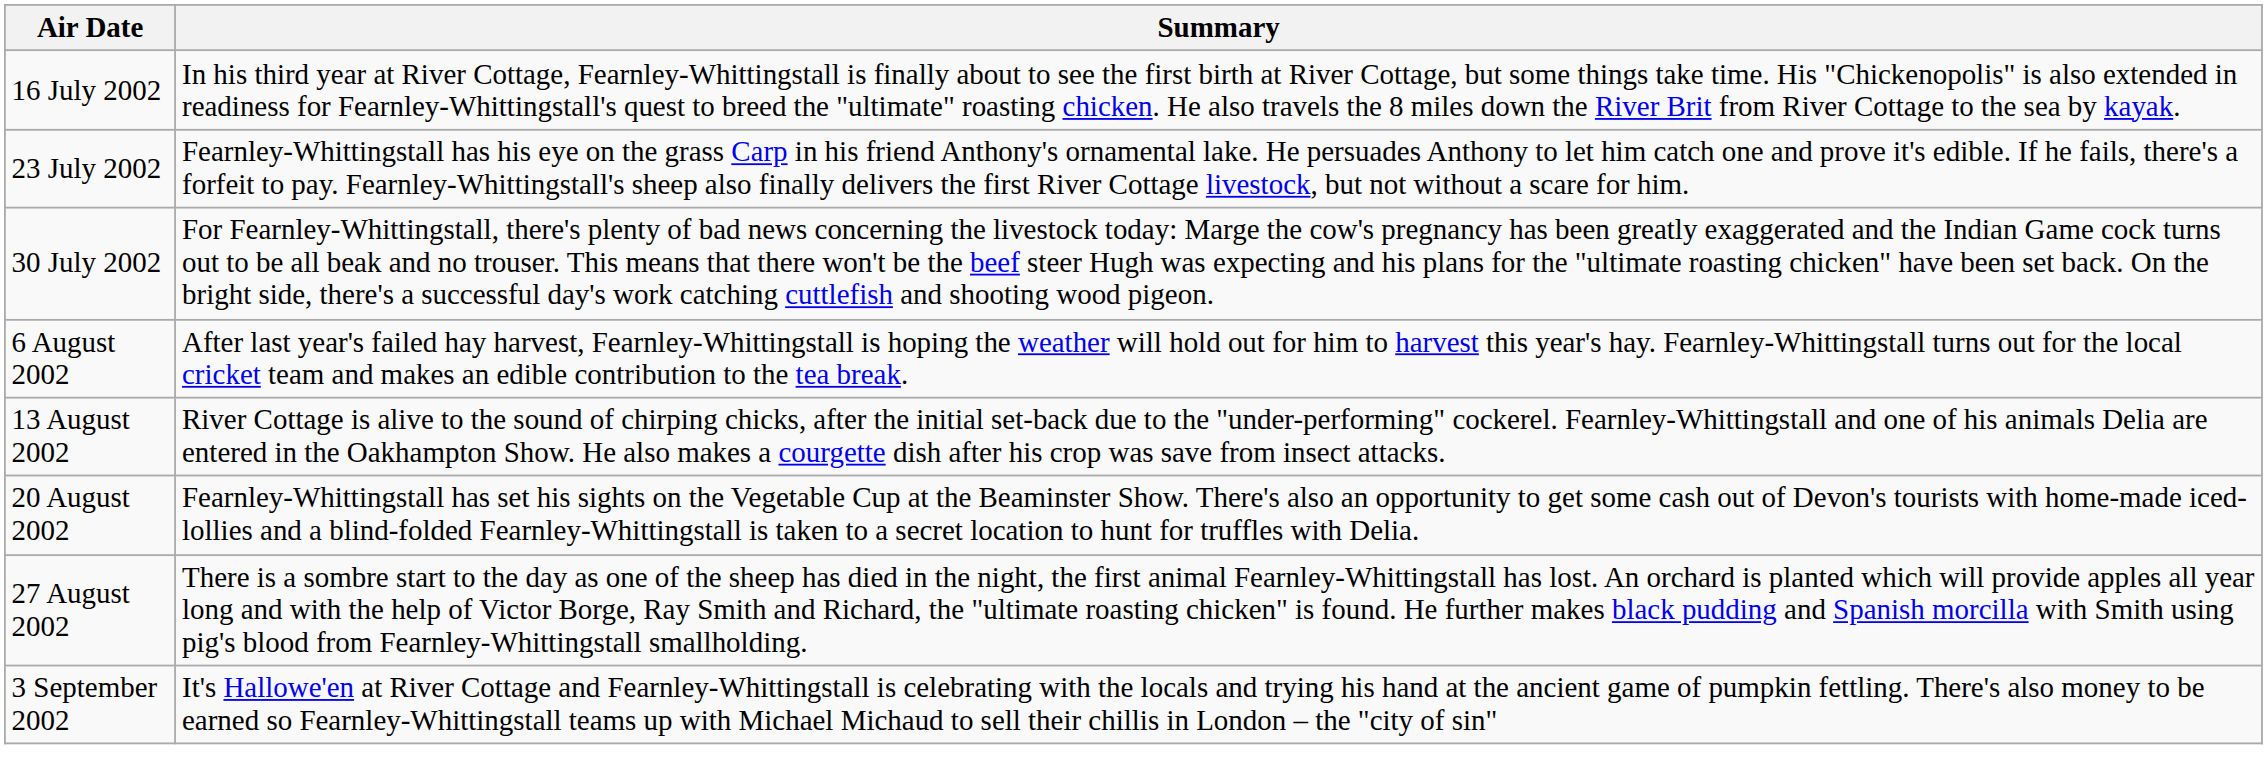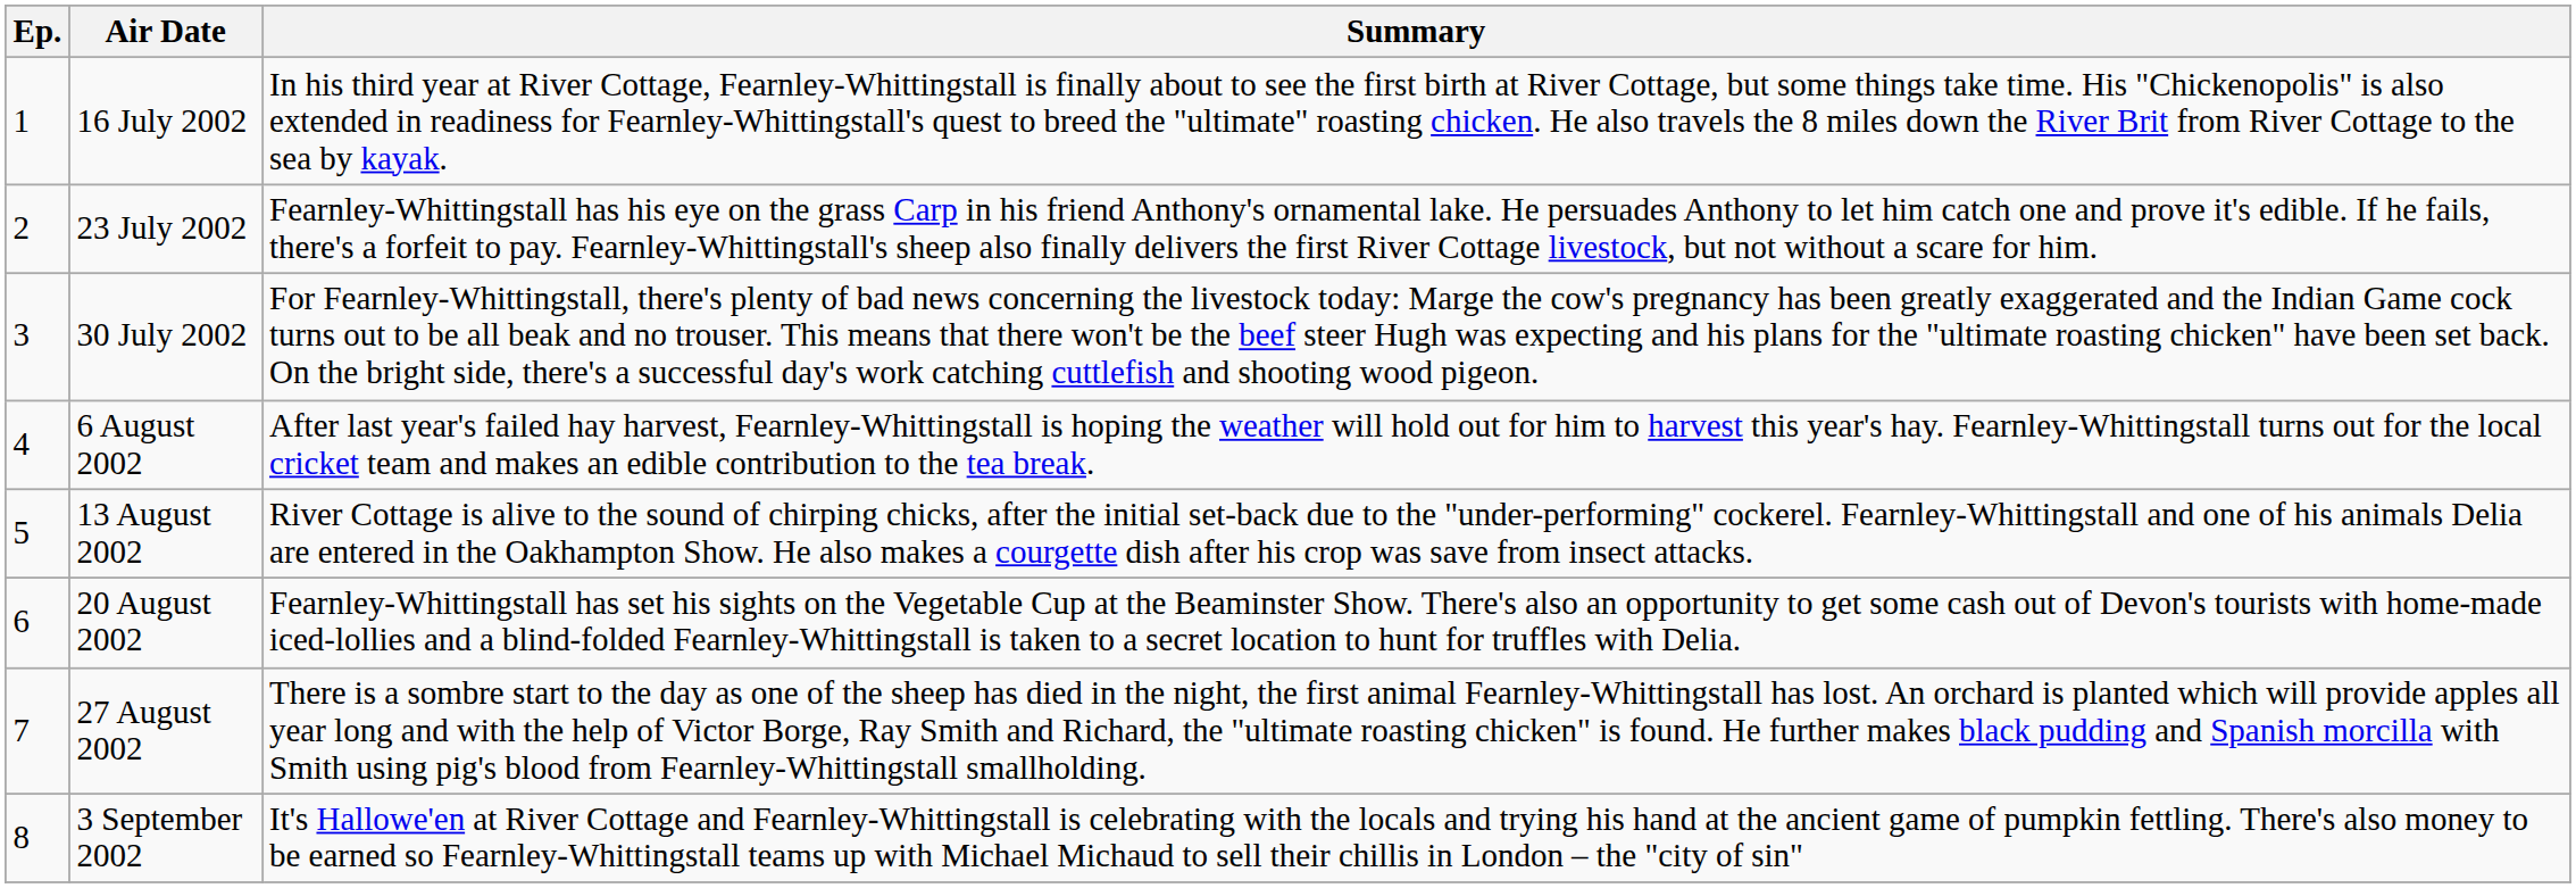 <table class="wikitable">
 <tr>
+<th>Ep.</th>
 <th>Air Date</th>
 <th>Summary</th>
 </tr>
 <tr>
+<td>1</td>
 <td>16 July 2002</td>
 <td>In his third year at River Cottage, Fearnley-Whittingstall is finally about to see the first birth at River Cottage, but some things take time. His "Chickenopolis" is also extended in readiness for Fearnley-Whittingstall's quest to breed the "ultimate" roasting <a href='#'>chicken</a>. He also travels the 8 miles down the <a href='#'>River Brit</a> from River Cottage to the sea by <a href='#'>kayak</a>.</td>
 </tr>
 <tr>
+<td>2</td>
 <td>23 July 2002</td>
 <td>Fearnley-Whittingstall has his eye on the grass <a href='#'>Carp</a> in his friend Anthony's ornamental lake. He persuades Anthony to let him catch one and prove it's edible. If he fails, there's a forfeit to pay. Fearnley-Whittingstall's sheep also finally delivers the first River Cottage <a href='#'>livestock</a>, but not without a scare for him.</td>
 </tr>
 <tr>
+<td>3</td>
 <td>30 July 2002</td>
 <td>For Fearnley-Whittingstall, there's plenty of bad news concerning the livestock today: Marge the cow's pregnancy has been greatly exaggerated and the Indian Game cock turns out to be all beak and no trouser. This means that there won't be the <a href='#'>beef</a> steer Hugh was expecting and his plans for the "ultimate roasting chicken" have been set back. On the bright side, there's a successful day's work catching <a href='#'>cuttlefish</a> and shooting wood pigeon.</td>
 </tr>
 <tr>
+<td>4</td>
 <td>6 August 2002</td>
 <td>After last year's failed hay harvest, Fearnley-Whittingstall is hoping the <a href='#'>weather</a> will hold out for him to <a href='#'>harvest</a> this year's hay. Fearnley-Whittingstall turns out for the local <a href='#'>cricket</a> team and makes an edible contribution to the <a href='#'>tea break</a>.</td>
 </tr>
 <tr>
+<td>5</td>
 <td>13 August 2002</td>
 <td>River Cottage is alive to the sound of chirping chicks, after the initial set-back due to the "under-performing" cockerel. Fearnley-Whittingstall and one of his animals Delia are entered in the Oakhampton Show. He also makes a <a href='#'>courgette</a> dish after his crop was save from insect attacks.</td>
 </tr>
 <tr>
+<td>6</td>
 <td>20 August 2002</td>
 <td>Fearnley-Whittingstall has set his sights on the Vegetable Cup at the Beaminster Show. There's also an opportunity to get some cash out of Devon's tourists with home-made iced-lollies and a blind-folded Fearnley-Whittingstall is taken to a secret location to hunt for truffles with Delia.</td>
 </tr>
 <tr>
+<td>7</td>
 <td>27 August 2002</td>
 <td>There is a sombre start to the day as one of the sheep has died in the night, the first animal Fearnley-Whittingstall has lost. An orchard is planted which will provide apples all year long and with the help of Victor Borge, Ray Smith and Richard, the "ultimate roasting chicken" is found. He further makes <a href='#'>black pudding</a> and <a href='#'>Spanish morcilla</a> with Smith using pig's blood from Fearnley-Whittingstall smallholding.</td>
 </tr>
 <tr>
+<td>8</td>
 <td>3 September 2002</td>
 <td>It's <a href='#'>Hallowe'en</a> at River Cottage and Fearnley-Whittingstall is celebrating with the locals and trying his hand at the ancient game of pumpkin fettling. There's also money to be earned so Fearnley-Whittingstall teams up with Michael Michaud to sell their chillis in London – the "city of sin"</td>
 </tr>
 </table>
